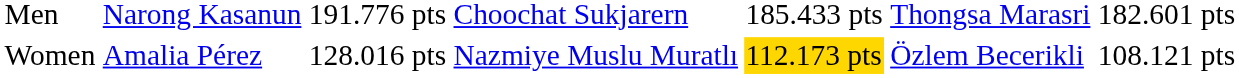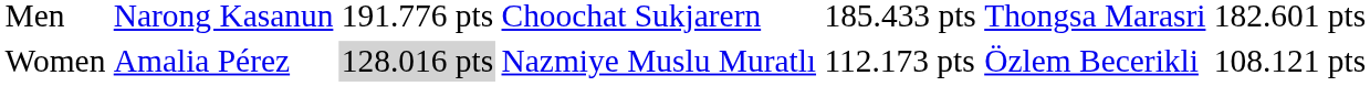 <table>
 <tr>
 <td>Men</td>
 <td><a href='#'>Narong Kasanun</a><br></td>
 <td>191.776 pts</td>
 <td><a href='#'>Choochat Sukjarern</a><br></td>
 <td>185.433 pts</td>
 <td><a href='#'>Thongsa Marasri</a><br></td>
 <td>182.601 pts</td>
 </tr>
 <tr>
 <td>Women</td>
 <td><a href='#'>Amalia Pérez</a><br></td>
-<td>128.016 pts</td>
+<td style="background: lightgrey;">128.016 pts</td>
 <td><a href='#'>Nazmiye Muslu Muratlı</a><br></td>
-<td style="background: gold;">112.173 pts</td>
+<td>112.173 pts</td>
 <td><a href='#'>Özlem Becerikli</a><br></td>
 <td>108.121 pts</td>
 </tr>
 </table>
